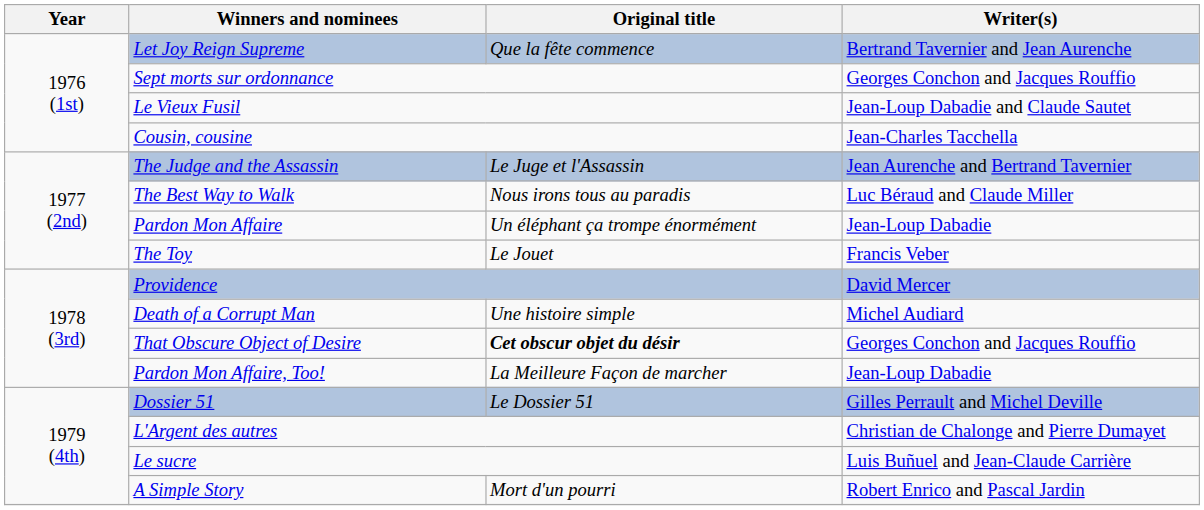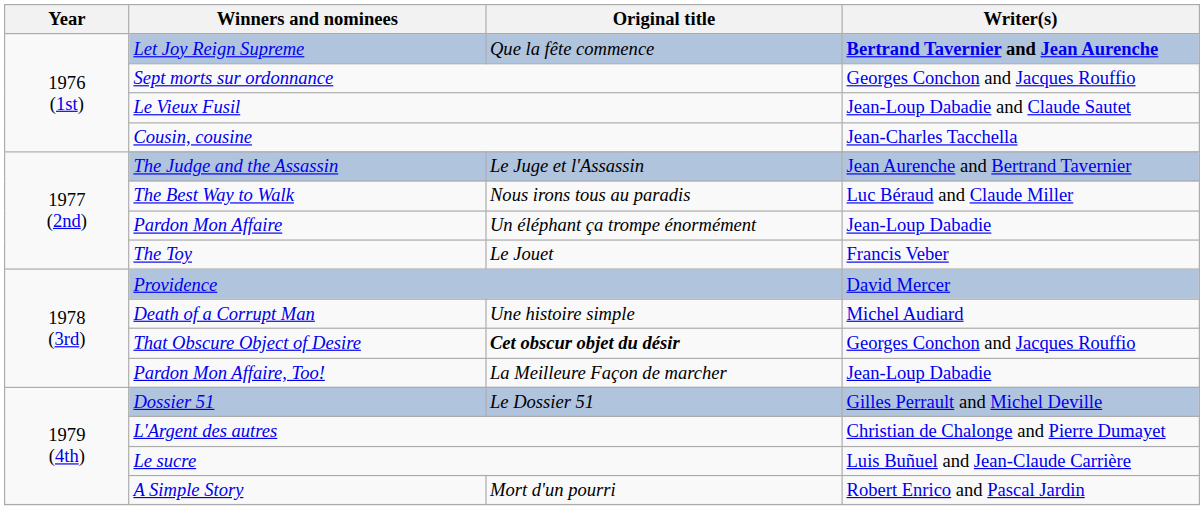 <table class="wikitable">
 <tr>
 <th width="100"><strong>Year</strong></th>
 <th width="300"><strong>Winners and nominees</strong></th>
 <th width="300"><strong>Original title</strong></th>
 <th width="300"><strong>Writer(s)</strong></th>
 </tr>
 <tr>
 <td rowspan="4" style="text-align:center;">1976<br>(<a href='#'>1st</a>)</td>
 <td style="background:#B0C4DE;"><em><a href='#'>Let Joy Reign Supreme</a></em></td>
 <td style="background:#B0C4DE;"><em>Que la fête commence</em></td>
-<td style="background:#B0C4DE;"><a href='#'>Bertrand Tavernier</a> and <a href='#'>Jean Aurenche</a></td>
+<td style="background:#B0C4DE;"><strong><a href='#'>Bertrand Tavernier</a> and <a href='#'>Jean Aurenche</a></strong></td>
 </tr>
 <tr>
 <td colspan="2"><em><a href='#'>Sept morts sur ordonnance</a></em></td>
 <td><a href='#'>Georges Conchon</a> and <a href='#'>Jacques Rouffio</a></td>
 </tr>
 <tr>
 <td colspan="2"><em><a href='#'>Le Vieux Fusil</a></em></td>
 <td><a href='#'>Jean-Loup Dabadie</a> and <a href='#'>Claude Sautet</a></td>
 </tr>
 <tr>
 <td colspan="2"><em><a href='#'>Cousin, cousine</a></em></td>
 <td><a href='#'>Jean-Charles Tacchella</a></td>
 </tr>
 <tr>
 <td rowspan="4" style="text-align:center;">1977<br>(<a href='#'>2nd</a>)</td>
 <td style="background:#B0C4DE;"><em><a href='#'>The Judge and the Assassin</a></em></td>
 <td style="background:#B0C4DE;"><em>Le Juge et l'Assassin</em></td>
 <td style="background:#B0C4DE;"><a href='#'>Jean Aurenche</a> and <a href='#'>Bertrand Tavernier</a></td>
 </tr>
 <tr>
 <td><em><a href='#'>The Best Way to Walk</a></em></td>
 <td><em>Nous irons tous au paradis</em></td>
 <td><a href='#'>Luc Béraud</a> and <a href='#'>Claude Miller</a></td>
 </tr>
 <tr>
 <td><em><a href='#'>Pardon Mon Affaire</a></em></td>
 <td><em>Un éléphant ça trompe énormément</em></td>
 <td><a href='#'>Jean-Loup Dabadie</a></td>
 </tr>
 <tr>
 <td><em><a href='#'>The Toy</a></em></td>
 <td><em>Le Jouet</em></td>
 <td><a href='#'>Francis Veber</a></td>
 </tr>
 <tr>
 <td rowspan="4" style="text-align:center;">1978<br>(<a href='#'>3rd</a>)</td>
 <td colspan="2" style="background:#B0C4DE;"><em><a href='#'>Providence</a></em></td>
 <td style="background:#B0C4DE;"><a href='#'>David Mercer</a></td>
 </tr>
 <tr>
 <td><em><a href='#'>Death of a Corrupt Man</a></em></td>
 <td><em>Une histoire simple</em></td>
 <td><a href='#'>Michel Audiard</a></td>
 </tr>
 <tr>
 <td><em><a href='#'>That Obscure Object of Desire</a></em></td>
 <td><strong><em>Cet obscur objet du désir</em></strong></td>
 <td><a href='#'>Georges Conchon</a> and <a href='#'>Jacques Rouffio</a></td>
 </tr>
 <tr>
 <td><em><a href='#'>Pardon Mon Affaire, Too!</a></em></td>
 <td><em>La Meilleure Façon de marcher</em></td>
 <td><a href='#'>Jean-Loup Dabadie</a></td>
 </tr>
 <tr>
 <td rowspan="4" style="text-align:center;">1979<br>(<a href='#'>4th</a>)</td>
 <td style="background:#B0C4DE;"><em><a href='#'>Dossier 51</a></em></td>
 <td style="background:#B0C4DE;"><em>Le Dossier 51</em></td>
 <td style="background:#B0C4DE;"><a href='#'>Gilles Perrault</a> and <a href='#'>Michel Deville</a></td>
 </tr>
 <tr>
 <td colspan="2"><em><a href='#'>L'Argent des autres</a></em></td>
 <td><a href='#'>Christian de Chalonge</a> and <a href='#'>Pierre Dumayet</a></td>
 </tr>
 <tr>
 <td colspan="2"><em><a href='#'>Le sucre</a></em></td>
 <td><a href='#'>Luis Buñuel</a> and <a href='#'>Jean-Claude Carrière</a></td>
 </tr>
 <tr>
 <td><em><a href='#'>A Simple Story</a></em></td>
 <td><em>Mort d'un pourri</em></td>
 <td><a href='#'>Robert Enrico</a> and <a href='#'>Pascal Jardin</a></td>
 </tr>
 <tr>
 </tr>
 </table>
